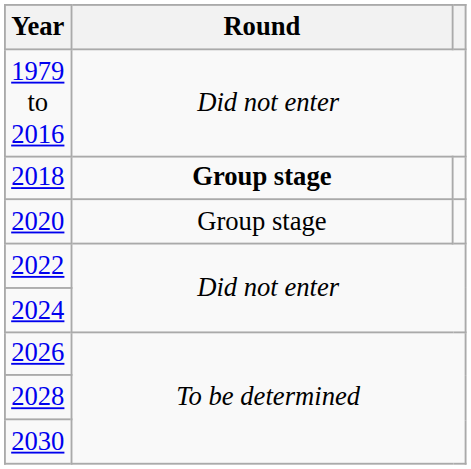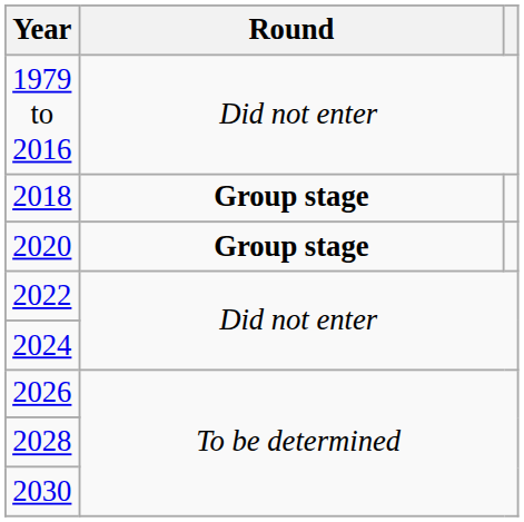 <table class="wikitable" style="text-align: center; font-size:90%">
 <tr>
 <th>Year</th>
 <th style="width:200px">Round</th>
 <th></th>
 </tr>
 <tr>
 <td><a href='#'>1979</a><br>to<br><a href='#'>2016</a></td>
 <td colspan="2"><em>Did not enter</em></td>
 </tr>
 <tr>
 <td><a href='#'>2018</a></td>
 <td><strong>Group stage</strong></td>
 <td></td>
 </tr>
 <tr>
 <td><a href='#'>2020</a></td>
-<td>Group stage</td>
+<td><strong>Group stage</strong></td>
 <td></td>
 </tr>
 <tr>
 <td><a href='#'>2022</a></td>
 <td colspan="2" rowspan="2"><em>Did not enter</em></td>
 </tr>
 <tr>
 <td><a href='#'>2024</a></td>
 </tr>
 <tr>
 <td><a href='#'>2026</a></td>
 <td colspan="2" rowspan="3"><em>To be determined</em></td>
 </tr>
 <tr>
 <td><a href='#'>2028</a></td>
 </tr>
 <tr>
 <td><a href='#'>2030</a></td>
 </tr>
 </table>
